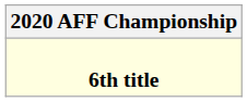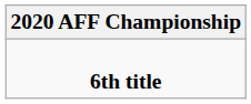 <table class="wikitable" style="text-align:center; margin:auto;">
 <tr>
 <th>2020 AFF Championship</th>
 </tr>
 <tr>
-<td style="background: lightyellow;"><br><strong>6th title</strong></td>
+<td><br><strong>6th title</strong></td>
 </tr>
 </table>
